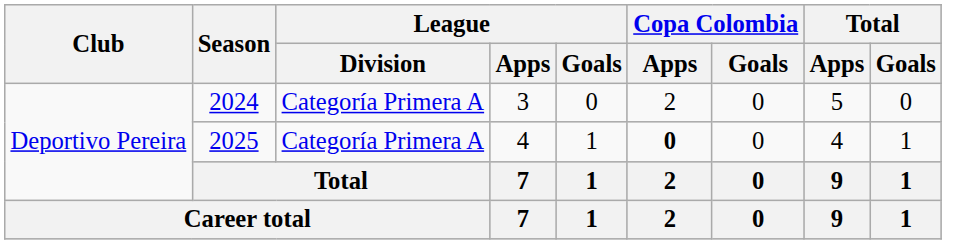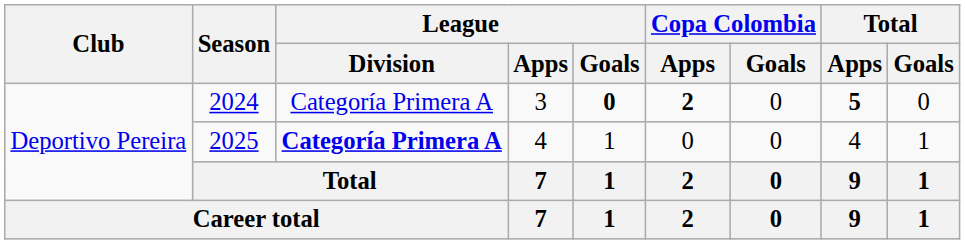 <table class=wikitable style=text-align:center>
 <tr>
 <th rowspan="2">Club</th>
 <th rowspan="2">Season</th>
 <th colspan="3">League</th>
 <th colspan="2"><a href='#'>Copa Colombia</a></th>
 <th colspan="2">Total</th>
 </tr>
 <tr>
 <th>Division</th>
 <th>Apps</th>
 <th>Goals</th>
 <th>Apps</th>
 <th>Goals</th>
 <th>Apps</th>
 <th>Goals</th>
 </tr>
 <tr>
 <td rowspan="3"><a href='#'>Deportivo Pereira</a></td>
 <td><a href='#'>2024</a></td>
 <td><a href='#'>Categoría Primera A</a></td>
 <td>3</td>
+<td><strong>0</strong></td>
+<td><strong>2</strong></td>
 <td>0</td>
-<td>2</td>
-<td>0</td>
-<td>5</td>
+<td><strong>5</strong></td>
 <td>0</td>
 </tr>
 <tr>
 <td><a href='#'>2025</a></td>
-<td><a href='#'>Categoría Primera A</a></td>
+<td><strong><a href='#'>Categoría Primera A</a></strong></td>
 <td>4</td>
 <td>1</td>
-<td><strong>0</strong></td>
+<td>0</td>
 <td>0</td>
 <td>4</td>
 <td>1</td>
 </tr>
 <tr>
 <th colspan="2">Total</th>
 <th>7</th>
 <th>1</th>
 <th>2</th>
 <th>0</th>
 <th>9</th>
 <th>1</th>
 </tr>
 <tr>
 <th colspan="3"><strong>Career total</strong></th>
 <th>7</th>
 <th>1</th>
 <th>2</th>
 <th>0</th>
 <th>9</th>
 <th>1</th>
 </tr>
 </table>
